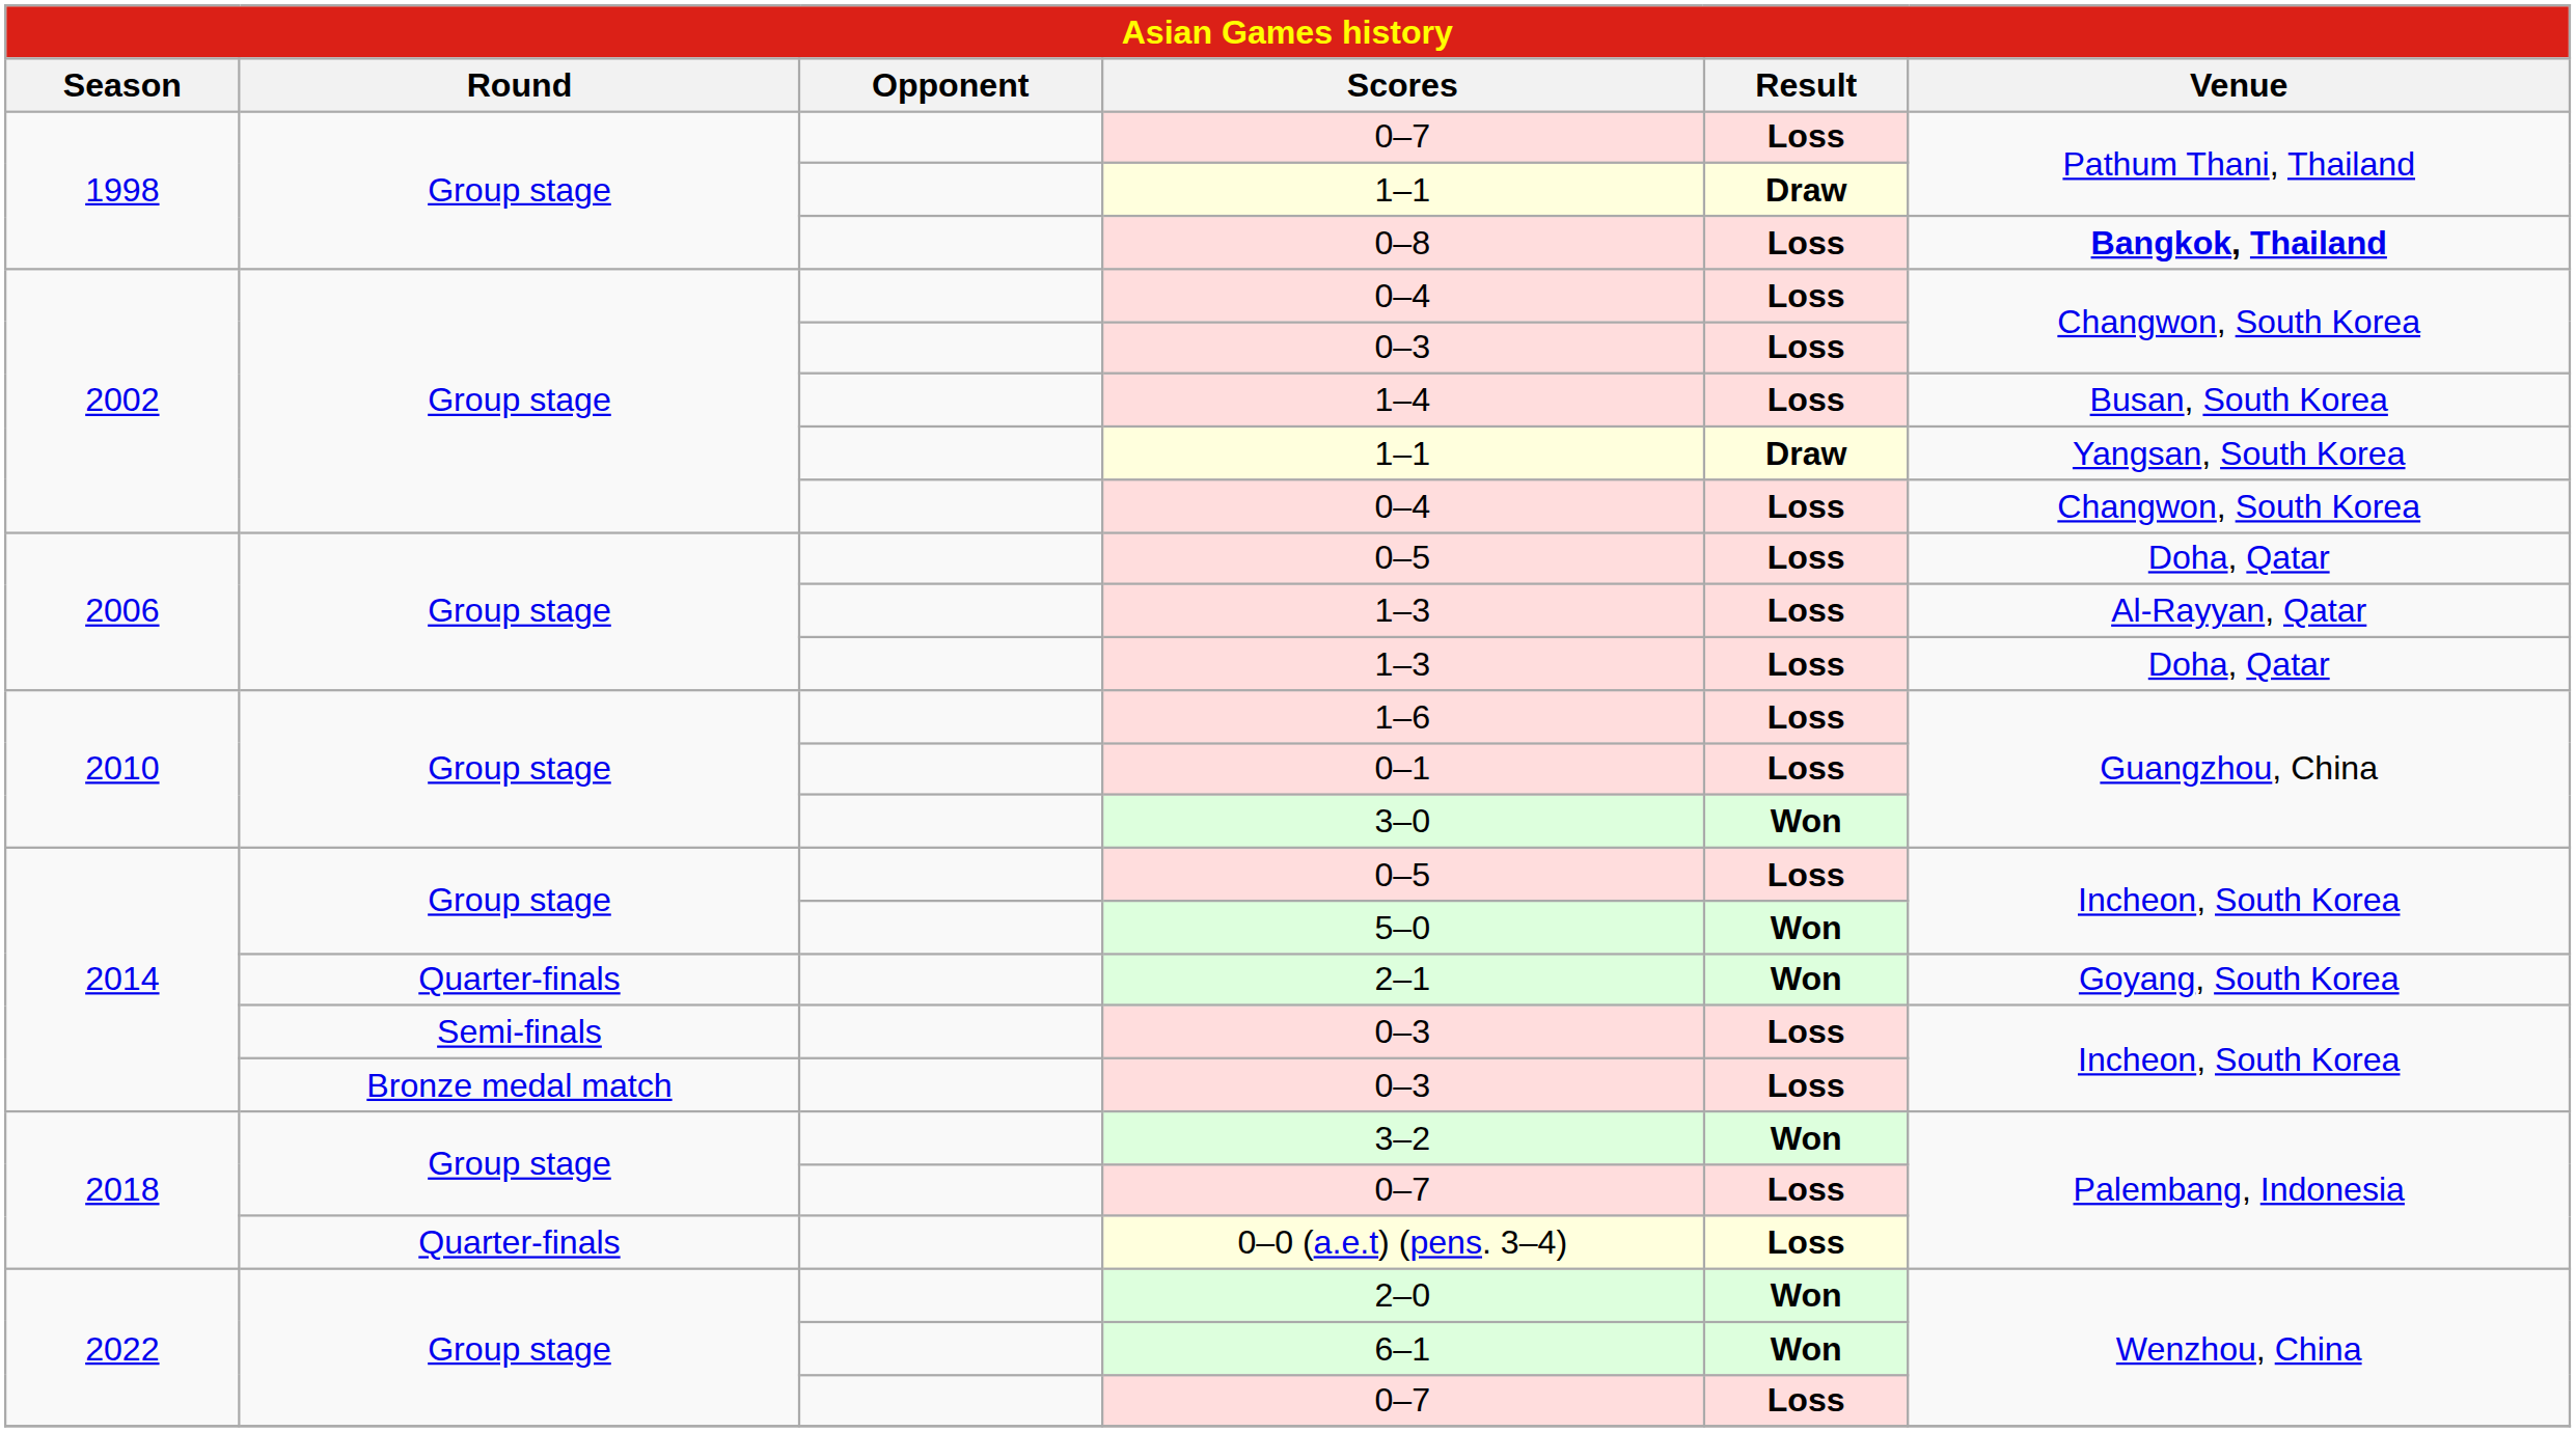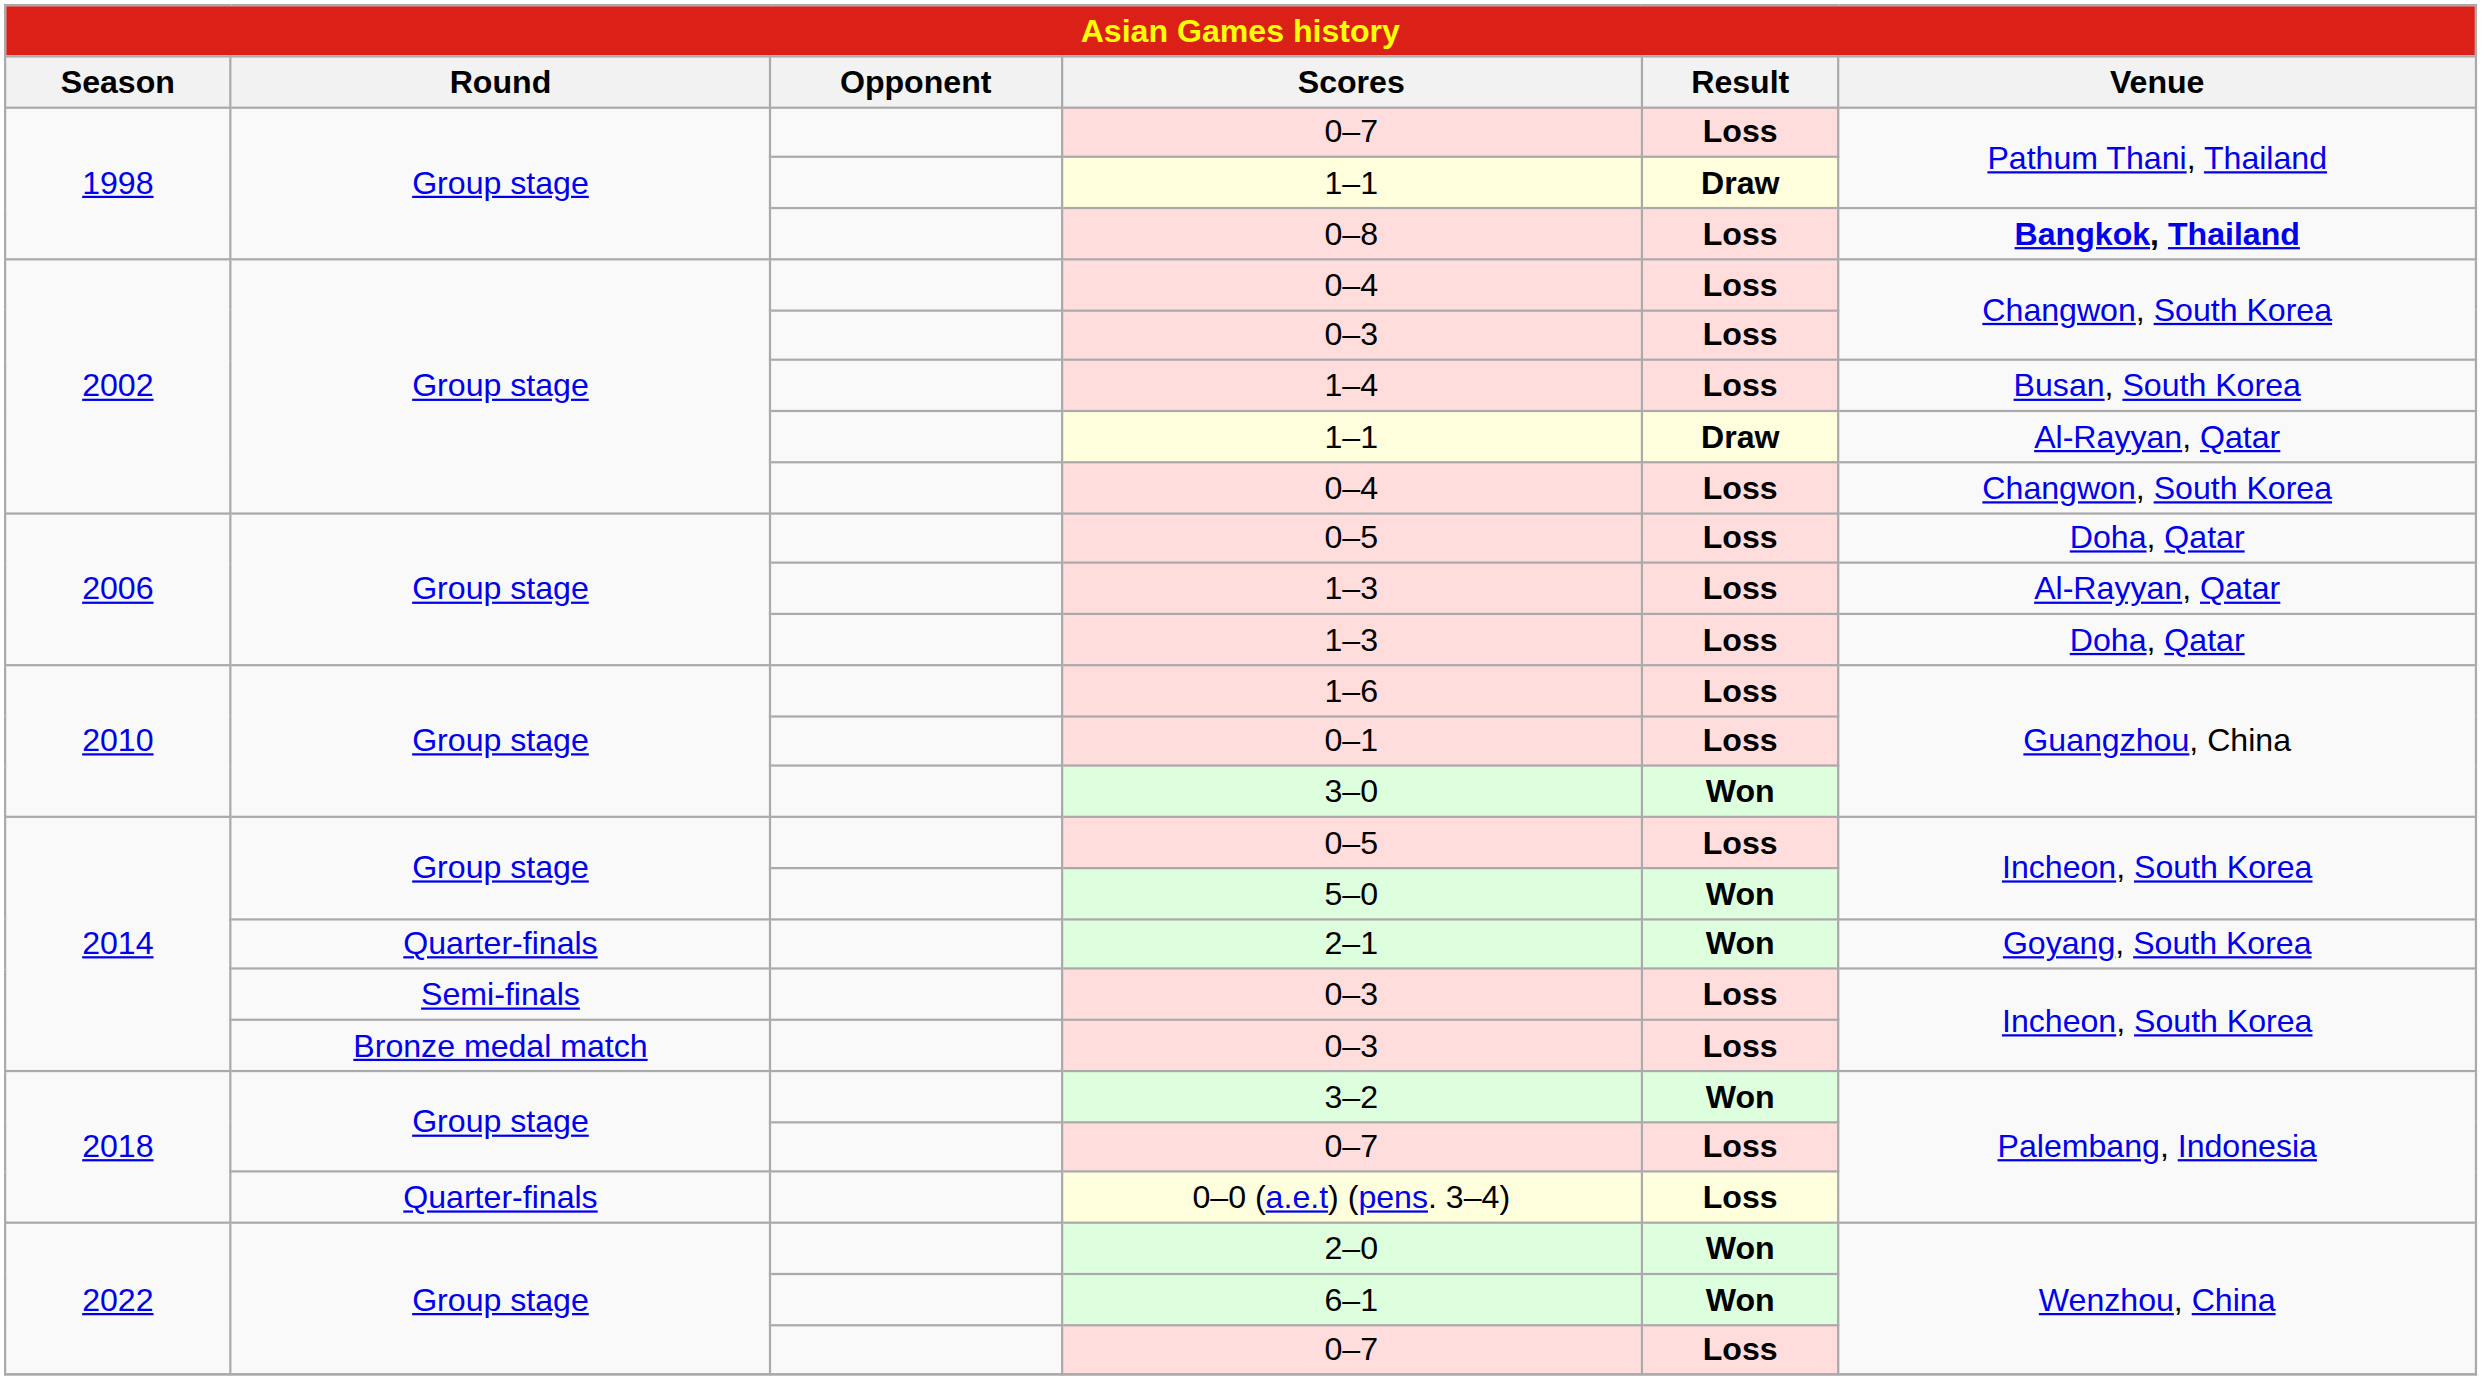 <table class="wikitable collapsible collapsed" style="text-align:center; font-size:90%; width:70%;">
 <tr>
 <th colspan="6" style="background: #DB2017; color: #FFFF00;">Asian Games history</th>
 </tr>
 <tr>
 <th>Season</th>
 <th>Round</th>
 <th>Opponent</th>
 <th>Scores</th>
 <th>Result</th>
 <th>Venue</th>
 </tr>
 <tr>
 <td rowspan=3> <a href='#'>1998</a></td>
 <td rowspan=3><a href='#'>Group stage</a></td>
 <td style="text-align:left"></td>
 <td style="background:#fdd;">0–7</td>
 <td style="background:#fdd;"><strong>Loss</strong></td>
 <td rowspan=2> <a href='#'>Pathum Thani</a>, <a href='#'>Thailand</a></td>
 </tr>
 <tr>
 <td style="text-align:left"></td>
 <td style="background:#ffd;">1–1</td>
 <td style="background:#ffd;"><strong>Draw</strong></td>
 </tr>
 <tr>
 <td style="text-align:left"></td>
 <td style="background:#fdd;">0–8</td>
 <td style="background:#fdd;"><strong>Loss</strong></td>
 <td rowspan=1><strong> <a href='#'>Bangkok</a>, <a href='#'>Thailand</a></strong></td>
 </tr>
 <tr>
 <td rowspan=5> <a href='#'>2002</a></td>
 <td rowspan=5><a href='#'>Group stage</a></td>
 <td style="text-align:left"></td>
 <td style="background:#fdd;">0–4</td>
 <td style="background:#fdd;"><strong>Loss</strong></td>
 <td rowspan=2> <a href='#'>Changwon</a>, <a href='#'>South Korea</a></td>
 </tr>
 <tr>
 <td style="text-align:left"></td>
 <td style="background:#fdd;">0–3</td>
 <td style="background:#fdd;"><strong>Loss</strong></td>
 </tr>
 <tr>
 <td style="text-align:left"></td>
 <td style="background:#fdd;">1–4</td>
 <td style="background:#fdd;"><strong>Loss</strong></td>
 <td rowspan=1> <a href='#'>Busan</a>, <a href='#'>South Korea</a></td>
 </tr>
 <tr>
 <td style="text-align:left"></td>
 <td style="background:#ffd;">1–1</td>
 <td style="background:#ffd;"><strong>Draw</strong></td>
-<td rowspan=1> <a href='#'>Yangsan</a>, <a href='#'>South Korea</a></td>
+<td rowspan=1> <a href='#'>Al-Rayyan</a>, <a href='#'>Qatar</a></td>
 </tr>
 <tr>
 <td style="text-align:left"></td>
 <td style="background:#fdd;">0–4</td>
 <td style="background:#fdd;"><strong>Loss</strong></td>
 <td rowspan=1> <a href='#'>Changwon</a>, <a href='#'>South Korea</a></td>
 </tr>
 <tr>
 <td rowspan=3> <a href='#'>2006</a></td>
 <td rowspan=3><a href='#'>Group stage</a></td>
 <td style="text-align:left"></td>
 <td style="background:#fdd;">0–5</td>
 <td style="background:#fdd;"><strong>Loss</strong></td>
 <td rowspan=1> <a href='#'>Doha</a>, <a href='#'>Qatar</a></td>
 </tr>
 <tr>
 <td style="text-align:left"></td>
 <td style="background:#fdd;">1–3</td>
 <td style="background:#fdd;"><strong>Loss</strong></td>
 <td rowspan=1> <a href='#'>Al-Rayyan</a>, <a href='#'>Qatar</a></td>
 </tr>
 <tr>
 <td style="text-align:left"></td>
 <td style="background:#fdd;">1–3</td>
 <td style="background:#fdd;"><strong>Loss</strong></td>
 <td rowspan=1> <a href='#'>Doha</a>, <a href='#'>Qatar</a></td>
 </tr>
 <tr>
 <td rowspan=3> <a href='#'>2010</a></td>
 <td rowspan=3><a href='#'>Group stage</a></td>
 <td style="text-align:left"></td>
 <td style="background:#fdd;">1–6</td>
 <td style="background:#fdd;"><strong>Loss</strong></td>
 <td rowspan=3> <a href='#'>Guangzhou</a>, China</td>
 </tr>
 <tr>
 <td style="text-align:left"></td>
 <td style="background:#fdd;">0–1</td>
 <td style="background:#fdd;"><strong>Loss</strong></td>
 </tr>
 <tr>
 <td style="text-align:left"></td>
 <td style="background:#dfd;">3–0</td>
 <td style="background:#dfd;"><strong>Won</strong></td>
 </tr>
 <tr>
 <td rowspan=5> <a href='#'>2014</a></td>
 <td rowspan=2><a href='#'>Group stage</a></td>
 <td style="text-align:left"></td>
 <td style="background:#fdd;">0–5</td>
 <td style="background:#fdd;"><strong>Loss</strong></td>
 <td rowspan=2> <a href='#'>Incheon</a>, <a href='#'>South Korea</a></td>
 </tr>
 <tr>
 <td style="text-align:left"></td>
 <td style="background:#dfd;">5–0</td>
 <td style="background:#dfd;"><strong>Won</strong></td>
 </tr>
 <tr>
 <td rowspan=1><a href='#'>Quarter-finals</a></td>
 <td style="text-align:left"></td>
 <td style="background:#dfd;">2–1</td>
 <td style="background:#dfd;"><strong>Won</strong></td>
 <td rowspan=1> <a href='#'>Goyang</a>, <a href='#'>South Korea</a></td>
 </tr>
 <tr>
 <td rowspan=1><a href='#'>Semi-finals</a></td>
 <td style="text-align:left"></td>
 <td style="background:#fdd;">0–3</td>
 <td style="background:#fdd;"><strong>Loss</strong></td>
 <td rowspan=2> <a href='#'>Incheon</a>, <a href='#'>South Korea</a></td>
 </tr>
 <tr>
 <td rowspan=1><a href='#'>Bronze medal match</a></td>
 <td style="text-align:left"></td>
 <td style="background:#fdd;">0–3</td>
 <td style="background:#fdd;"><strong>Loss</strong></td>
 </tr>
 <tr>
 <td rowspan=3> <a href='#'>2018</a></td>
 <td rowspan=2><a href='#'>Group stage</a></td>
 <td style="text-align:left"></td>
 <td style="background:#dfd;">3–2</td>
 <td style="background:#dfd;"><strong>Won</strong></td>
 <td rowspan=3> <a href='#'>Palembang</a>, <a href='#'>Indonesia</a></td>
 </tr>
 <tr>
 <td style="text-align:left"></td>
 <td style="background:#fdd;">0–7</td>
 <td style="background:#fdd;"><strong>Loss</strong></td>
 </tr>
 <tr>
 <td rowspan=1><a href='#'>Quarter-finals</a></td>
 <td style="text-align:left"></td>
 <td style="background:#ffd;">0–0 (<a href='#'>a.e.t</a>) (<a href='#'>pens</a>. 3–4)</td>
 <td style="background:#ffd;"><strong>Loss</strong></td>
 </tr>
 <tr>
 <td rowspan=3> <a href='#'>2022</a></td>
 <td rowspan=3><a href='#'>Group stage</a></td>
 <td style="text-align:left"></td>
 <td style="background:#dfd;">2–0</td>
 <td style="background:#dfd;"><strong>Won</strong></td>
 <td rowspan=3> <a href='#'>Wenzhou</a>, <a href='#'>China</a></td>
 </tr>
 <tr>
 <td style="text-align:left"></td>
 <td style="background:#dfd;">6–1</td>
 <td style="background:#dfd;"><strong>Won</strong></td>
 </tr>
 <tr>
 <td style="text-align:left"></td>
 <td style="background:#fdd;">0–7</td>
 <td style="background:#fdd;"><strong>Loss</strong></td>
 </tr>
 <tr>
 </tr>
 </table>
